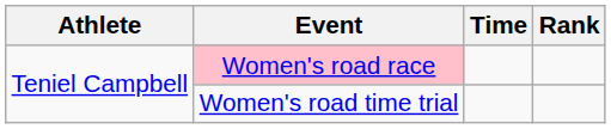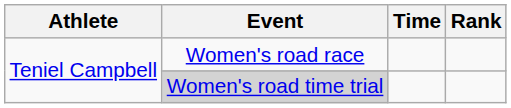 <table class="wikitable" style="font-size:90%">
 <tr>
 <th>Athlete</th>
 <th>Event</th>
 <th>Time</th>
 <th>Rank</th>
 </tr>
 <tr>
 <td rowspan=2><a href='#'>Teniel Campbell</a></td>
-<td align=center style="background: pink;"><a href='#'>Women's road race</a></td>
+<td align=center><a href='#'>Women's road race</a></td>
 <td></td>
 <td></td>
 </tr>
 <tr>
-<td align=center><a href='#'>Women's road time trial</a></td>
+<td align=center style="background: lightgrey;"><a href='#'>Women's road time trial</a></td>
 <td></td>
 <td></td>
 </tr>
 </table>
